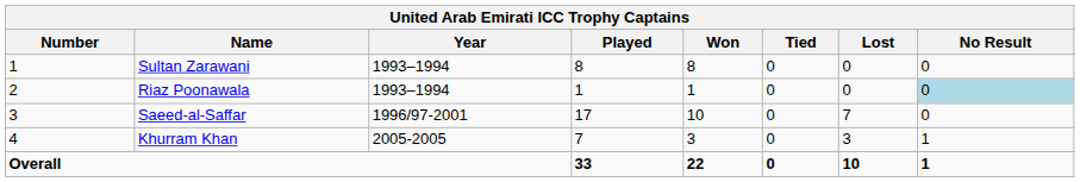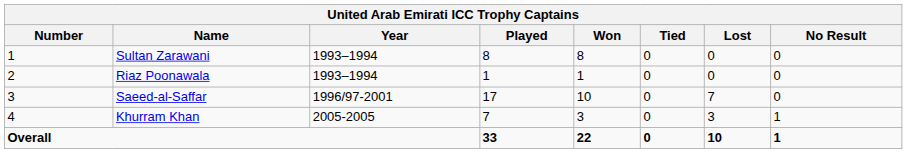 <table class="wikitable" width="70%">
 <tr>
 <th bgcolor="#efefef" colspan=9>United Arab Emirati ICC Trophy Captains</th>
 </tr>
 <tr bgcolor="#efefef">
 <th>Number</th>
 <th>Name</th>
 <th>Year</th>
 <th>Played</th>
 <th>Won</th>
 <th>Tied</th>
 <th>Lost</th>
 <th>No Result</th>
 </tr>
 <tr>
 <td>1</td>
 <td><a href='#'>Sultan Zarawani</a></td>
 <td>1993–1994</td>
 <td>8</td>
 <td>8</td>
 <td>0</td>
 <td>0</td>
 <td>0</td>
 </tr>
 <tr>
 <td>2</td>
 <td><a href='#'>Riaz Poonawala</a></td>
 <td>1993–1994</td>
 <td>1</td>
 <td>1</td>
 <td>0</td>
 <td>0</td>
-<td style="background: lightblue;">0</td>
+<td>0</td>
 </tr>
 <tr>
 <td>3</td>
 <td><a href='#'>Saeed-al-Saffar</a></td>
 <td>1996/97-2001</td>
 <td>17</td>
 <td>10</td>
 <td>0</td>
 <td>7</td>
 <td>0</td>
 </tr>
 <tr>
 <td>4</td>
 <td><a href='#'>Khurram Khan</a></td>
 <td>2005-2005</td>
 <td>7</td>
 <td>3</td>
 <td>0</td>
 <td>3</td>
 <td>1</td>
 </tr>
 <tr>
 <td colspan=3><strong>Overall</strong></td>
 <td><strong>33</strong></td>
 <td><strong>22</strong></td>
 <td><strong>0</strong></td>
 <td><strong>10</strong></td>
 <td><strong>1</strong></td>
 </tr>
 </table>
